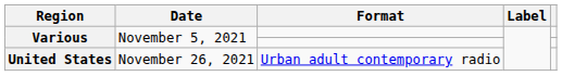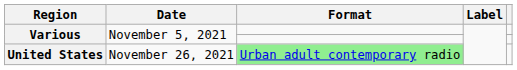 <table class="wikitable sortable plainrowheaders">
 <tr>
 <th scope="col">Region</th>
 <th scope="col">Date</th>
 <th scope="col">Format</th>
 <th scope="col">Label</th>
 <th scope="col"></th>
 </tr>
 <tr>
 <th rowspan="2" scope="row">Various</th>
 <td rowspan="2">November 5, 2021</td>
 <td></td>
 <td rowspan="3"></td>
 <td align="center"></td>
 </tr>
 <tr>
 <td></td>
 <td align="center"></td>
 </tr>
 <tr>
 <th scope="row">United States</th>
 <td>November 26, 2021</td>
-<td><a href='#'>Urban adult contemporary</a> radio</td>
+<td style="background: lightgreen;"><a href='#'>Urban adult contemporary</a> radio</td>
 <td align="center"></td>
 </tr>
 </table>
